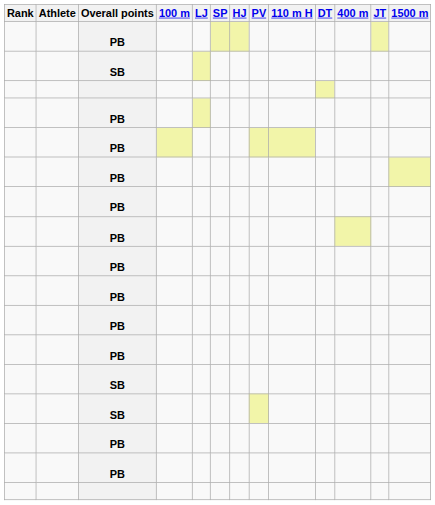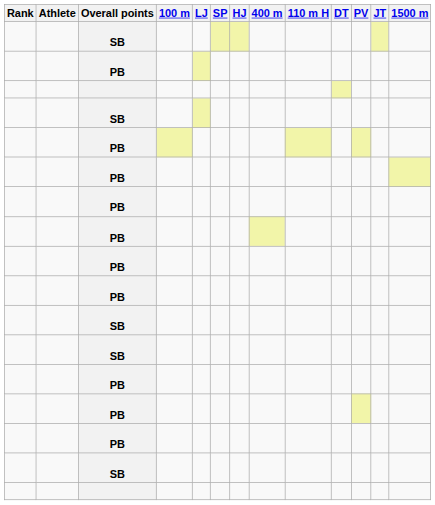 <table class="wikitable sortable" style="font-size:95%;">
 <tr>
 <th>Rank</th>
 <th>Athlete</th>
 <th>Overall points</th>
 <th><a href='#'>100 m</a></th>
 <th><a href='#'>LJ</a></th>
 <th><a href='#'>SP</a></th>
 <th><a href='#'>HJ</a></th>
-<th><a href='#'>PV</a></th>
+<th><a href='#'>400 m</a></th>
 <th><a href='#'>110 m H</a></th>
 <th><a href='#'>DT</a></th>
-<th><a href='#'>400 m</a></th>
+<th><a href='#'>PV</a></th>
 <th><a href='#'>JT</a></th>
 <th><a href='#'>1500 m</a></th>
 </tr>
 <tr>
 <td align=center></td>
 <td align=left> <br></td>
-<th> <br><strong>PB</strong></th>
+<th> <br><strong>SB</strong></th>
 <td></td>
 <td></td>
 <td bgcolor=#F2F5A9></td>
 <td bgcolor=#F2F5A9></td>
 <td></td>
 <td></td>
 <td></td>
 <td></td>
 <td bgcolor=#F2F5A9></td>
 <td></td>
 </tr>
 <tr>
 <td align=center></td>
 <td align=left> <br></td>
-<th> <br><strong>SB</strong></th>
+<th> <br><strong>PB</strong></th>
 <td></td>
 <td bgcolor=#F2F5A9></td>
 <td></td>
 <td></td>
 <td></td>
 <td></td>
 <td></td>
 <td></td>
 <td></td>
 <td></td>
 </tr>
 <tr>
 <td align=center></td>
 <td align=left> <br></td>
 <th></th>
 <td></td>
 <td></td>
 <td></td>
 <td></td>
 <td></td>
 <td></td>
 <td bgcolor=#F2F5A9></td>
 <td></td>
 <td></td>
 <td></td>
 </tr>
 <tr>
 <td align=center></td>
 <td align=left> <br></td>
-<th> <br><strong>PB</strong></th>
+<th> <br><strong>SB</strong></th>
 <td></td>
 <td bgcolor=#F2F5A9></td>
 <td></td>
 <td></td>
 <td></td>
 <td></td>
 <td></td>
 <td></td>
 <td></td>
 <td></td>
 </tr>
 <tr>
 <td align=center></td>
 <td align=left> <br></td>
 <th> <br><strong>PB</strong></th>
 <td bgcolor=#F2F5A9></td>
 <td></td>
 <td></td>
 <td></td>
-<td bgcolor=#F2F5A9></td>
+<td></td>
 <td bgcolor=#F2F5A9></td>
 <td></td>
-<td></td>
+<td bgcolor=#F2F5A9></td>
 <td></td>
 <td></td>
 </tr>
 <tr>
 <td align=center></td>
 <td align=left> <br></td>
 <th> <br><strong>PB</strong></th>
 <td></td>
 <td></td>
 <td></td>
 <td></td>
 <td></td>
 <td></td>
 <td></td>
 <td></td>
 <td></td>
 <td bgcolor=#F2F5A9></td>
 </tr>
 <tr>
 <td align=center></td>
 <td align=left> <br></td>
 <th> <br><strong>PB</strong></th>
 <td></td>
 <td></td>
 <td></td>
 <td></td>
 <td></td>
 <td></td>
 <td></td>
 <td></td>
 <td></td>
 <td></td>
 </tr>
 <tr>
 <td align=center></td>
 <td align=left> <br></td>
 <th> <br><strong>PB</strong></th>
 <td></td>
 <td></td>
 <td></td>
 <td></td>
-<td></td>
-<td></td>
-<td></td>
 <td bgcolor=#F2F5A9></td>
-<td></td>
-<td></td>
-</tr>
-<tr>
-<td align=center></td>
-<td align=left> <br></td>
-<th> <br><strong>PB</strong></th>
-<td></td>
-<td></td>
-<td></td>
-<td></td>
-<td></td>
-<td></td>
-<td></td>
-<td></td>
-<td></td>
-<td></td>
-</tr>
-<tr>
-<td align=center></td>
-<td align=left> <br></td>
-<th> <br><strong>PB</strong></th>
-<td></td>
-<td></td>
-<td></td>
-<td></td>
-<td></td>
 <td></td>
 <td></td>
 <td></td>
 <td></td>
 <td></td>
 </tr>
 <tr>
 <td align=center></td>
 <td align=left> <br></td>
 <th> <br><strong>PB</strong></th>
 <td></td>
 <td></td>
 <td></td>
 <td></td>
 <td></td>
 <td></td>
 <td></td>
 <td></td>
 <td></td>
 <td></td>
 </tr>
 <tr>
 <td align=center></td>
 <td align=left> <br></td>
 <th> <br><strong>PB</strong></th>
 <td></td>
 <td></td>
 <td></td>
 <td></td>
 <td></td>
 <td></td>
 <td></td>
 <td></td>
 <td></td>
 <td></td>
 </tr>
 <tr>
 <td align=center></td>
 <td align=left> <br></td>
 <th> <br><strong>SB</strong></th>
 <td></td>
 <td></td>
 <td></td>
 <td></td>
 <td></td>
 <td></td>
 <td></td>
 <td></td>
 <td></td>
 <td></td>
 </tr>
 <tr>
 <td align=center></td>
 <td align=left> <br></td>
 <th> <br><strong>SB</strong></th>
 <td></td>
 <td></td>
 <td></td>
 <td></td>
-<td bgcolor=#F2F5A9></td>
+<td></td>
 <td></td>
 <td></td>
 <td></td>
 <td></td>
 <td></td>
 </tr>
 <tr>
 <td align=center></td>
 <td align=left> <br></td>
 <th> <br><strong>PB</strong></th>
 <td></td>
 <td></td>
 <td></td>
 <td></td>
 <td></td>
 <td></td>
 <td></td>
 <td></td>
 <td></td>
 <td></td>
 </tr>
 <tr>
 <td align=center></td>
 <td align=left> <br></td>
 <th> <br><strong>PB</strong></th>
 <td></td>
 <td></td>
 <td></td>
 <td></td>
 <td></td>
 <td></td>
 <td></td>
+<td bgcolor=#F2F5A9></td>
+<td></td>
+<td></td>
+</tr>
+<tr>
+<td align=center></td>
+<td align=left> <br></td>
+<th> <br><strong>PB</strong></th>
+<td></td>
+<td></td>
+<td></td>
+<td></td>
+<td></td>
+<td></td>
+<td></td>
+<td></td>
+<td></td>
+<td></td>
+</tr>
+<tr>
+<td align=center></td>
+<td align=left> <br></td>
+<th> <br><strong>SB</strong></th>
+<td></td>
+<td></td>
+<td></td>
+<td></td>
+<td></td>
+<td></td>
+<td></td>
 <td></td>
 <td></td>
 <td></td>
 </tr>
 <tr>
 <td align=center></td>
 <td align=left> <br></td>
 <th></th>
 <td></td>
 <td></td>
 <td></td>
 <td></td>
 <td></td>
 <td></td>
 <td></td>
 <td></td>
 <td></td>
 <td></td>
 </tr>
 </table>
